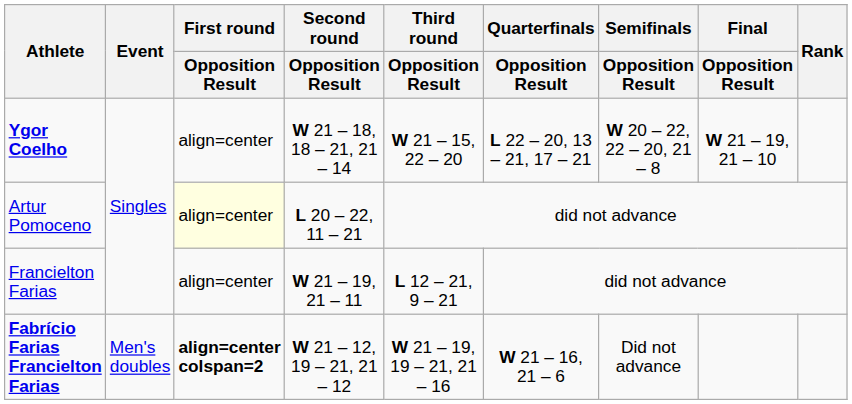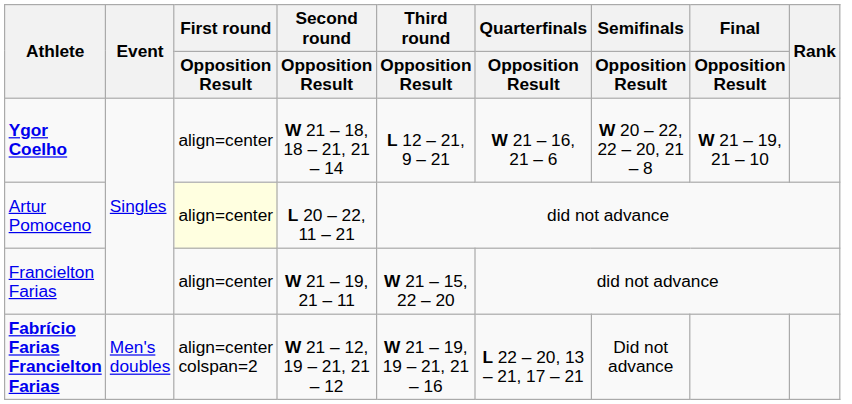 <table class="wikitable" style="font-size:90%">
 <tr>
 <th rowspan="2">Athlete</th>
 <th rowspan="2">Event</th>
 <th>First round</th>
 <th>Second round</th>
 <th>Third round</th>
 <th>Quarterfinals</th>
 <th>Semifinals</th>
 <th>Final</th>
 <th rowspan="2">Rank</th>
 </tr>
 <tr>
 <th>Opposition<br>Result</th>
 <th>Opposition<br>Result</th>
 <th>Opposition<br>Result</th>
 <th>Opposition<br>Result</th>
 <th>Opposition<br>Result</th>
 <th>Opposition<br>Result</th>
 </tr>
 <tr>
 <td><strong><a href='#'>Ygor Coelho</a></strong></td>
 <td rowspan=3><a href='#'>Singles</a></td>
 <td>align=center </td>
 <td align=center><br><strong>W</strong> 21 – 18, 18 – 21, 21 – 14</td>
-<td align=center><br><strong>W</strong> 21 – 15, 22 – 20</td>
-<td align=center><br><strong>L</strong> 22 – 20, 13 – 21, 17 – 21</td>
+<td align=center><br><strong>L</strong> 12 – 21, 9 – 21</td>
+<td align=center><br><strong>W</strong> 21 – 16, 21 – 6</td>
 <td align=center><br><strong>W</strong> 20 – 22, 22 – 20, 21 – 8</td>
 <td align=center><br><strong>W</strong> 21 – 19, 21 – 10</td>
 <td align=center></td>
 </tr>
 <tr>
 <td><a href='#'>Artur Pomoceno</a></td>
 <td style="background: lightyellow;">align=center </td>
 <td align=center><br><strong>L</strong> 20 – 22, 11 – 21</td>
 <td align=center colspan=5>did not advance</td>
 </tr>
 <tr>
 <td><a href='#'>Francielton Farias</a></td>
 <td>align=center </td>
 <td align=center><br><strong>W</strong> 21 – 19, 21 – 11</td>
-<td align=center><br><strong>L</strong> 12 – 21, 9 – 21</td>
+<td align=center><br><strong>W</strong> 21 – 15, 22 – 20</td>
 <td align=center colspan=5>did not advance</td>
 </tr>
 <tr>
 <td><strong><a href='#'>Fabrício Farias</a></strong><br><strong><a href='#'>Francielton Farias</a></strong></td>
 <td rowspan=2><a href='#'>Men's doubles</a></td>
-<td><strong>align=center colspan=2 </strong></td>
+<td>align=center colspan=2 </td>
 <td align=center><br><strong>W</strong> 21 – 12, 19 – 21, 21 – 12</td>
 <td align=center><br><strong>W</strong> 21 – 19, 19 – 21, 21 – 16</td>
-<td align=center><br><strong>W</strong> 21 – 16, 21 – 6</td>
+<td align=center><br><strong>L</strong> 22 – 20, 13 – 21, 17 – 21</td>
 <td align=center>Did not advance</td>
 <td align=center></td>
 </tr>
 </table>
